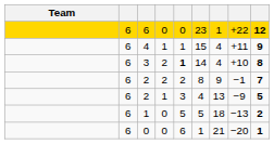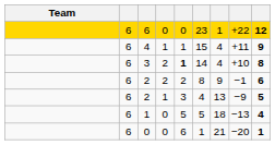 <table class="wikitable" style="text-align:center">
 <tr>
 <th width=165>Team</th>
 <th width=20></th>
 <th width=20></th>
 <th width=20></th>
 <th width=20></th>
 <th width=20></th>
 <th width=20></th>
 <th width=20></th>
 <th width=20></th>
 </tr>
 <tr align=center bgcolor=gold>
 <td align=left></td>
 <td>6</td>
 <td>6</td>
 <td>0</td>
 <td>0</td>
 <td>23</td>
 <td>1</td>
 <td>+22</td>
 <td><strong>12</strong></td>
 </tr>
 <tr align=center>
 <td align=left></td>
 <td>6</td>
 <td>4</td>
 <td>1</td>
 <td>1</td>
 <td>15</td>
 <td>4</td>
 <td>+11</td>
 <td><strong>9</strong></td>
 </tr>
 <tr align=center>
 <td align=left></td>
 <td>6</td>
 <td>3</td>
 <td>2</td>
 <td><strong>1</strong></td>
 <td>14</td>
 <td>4</td>
 <td>+10</td>
 <td><strong>8</strong></td>
 </tr>
 <tr align=center>
 <td align=left></td>
 <td>6</td>
 <td>2</td>
 <td>2</td>
 <td>2</td>
 <td>8</td>
 <td>9</td>
 <td>−1</td>
-<td><strong>7</strong></td>
+<td><strong>6</strong></td>
 </tr>
 <tr align=center>
 <td align=left></td>
 <td>6</td>
 <td>2</td>
 <td>1</td>
 <td>3</td>
 <td>4</td>
 <td>13</td>
 <td>−9</td>
 <td><strong>5</strong></td>
 </tr>
 <tr align=center>
 <td align=left></td>
 <td>6</td>
 <td>1</td>
 <td>0</td>
 <td>5</td>
 <td>5</td>
 <td>18</td>
 <td>−13</td>
-<td><strong>2</strong></td>
+<td><strong>4</strong></td>
 </tr>
 <tr align=center>
 <td align=left></td>
 <td>6</td>
 <td>0</td>
 <td>0</td>
 <td>6</td>
 <td>1</td>
 <td>21</td>
 <td>−20</td>
 <td><strong>1</strong></td>
 </tr>
 </table>
